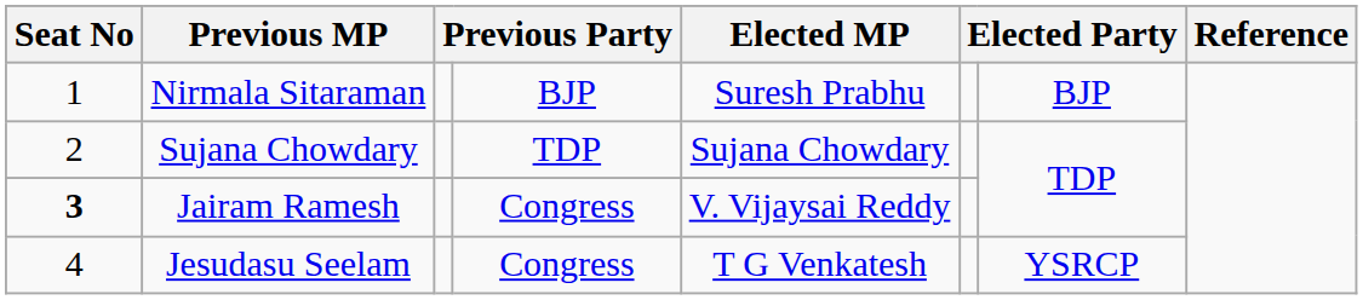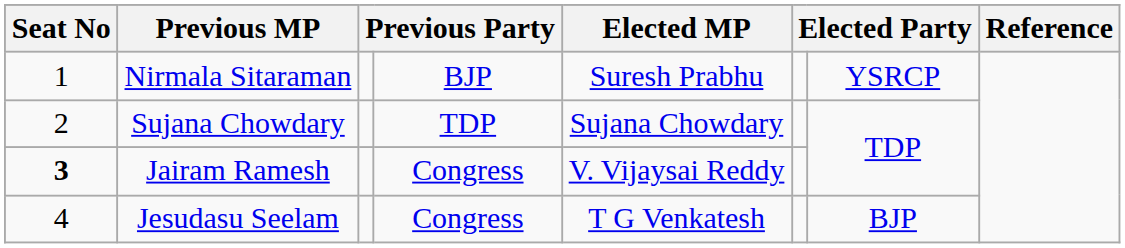 <table class="wikitable">
 <tr>
 <th>Seat No</th>
 <th>Previous MP</th>
 <th colspan=2>Previous Party</th>
 <th>Elected MP</th>
 <th colspan=2>Elected Party</th>
 <th>Reference</th>
 </tr>
 <tr style="text-align:center;">
 <td>1</td>
 <td><a href='#'>Nirmala Sitaraman</a></td>
 <td width="1px"></td>
 <td><a href='#'>BJP</a></td>
 <td><a href='#'>Suresh Prabhu</a></td>
 <td width="1px"></td>
-<td><a href='#'>BJP</a></td>
+<td><a href='#'>YSRCP</a></td>
 <td rowspan=4></td>
 </tr>
 <tr style="text-align:center;">
 <td>2</td>
 <td><a href='#'>Sujana Chowdary</a></td>
 <td width="1px"></td>
 <td><a href='#'>TDP</a></td>
 <td><a href='#'>Sujana Chowdary</a></td>
 <td width="1px"></td>
 <td rowspan="2"><a href='#'>TDP</a></td>
 </tr>
 <tr style="text-align:center;">
 <td><strong>3</strong></td>
 <td><a href='#'>Jairam Ramesh</a></td>
 <td width="1px"></td>
 <td><a href='#'>Congress</a></td>
 <td><a href='#'>V. Vijaysai Reddy</a></td>
 </tr>
 <tr style="text-align:center;">
 <td>4</td>
 <td><a href='#'>Jesudasu Seelam</a></td>
 <td width="1px"></td>
 <td><a href='#'>Congress</a></td>
 <td><a href='#'>T G Venkatesh</a></td>
 <td width="1px"></td>
-<td><a href='#'>YSRCP</a></td>
+<td><a href='#'>BJP</a></td>
 </tr>
 </table>
